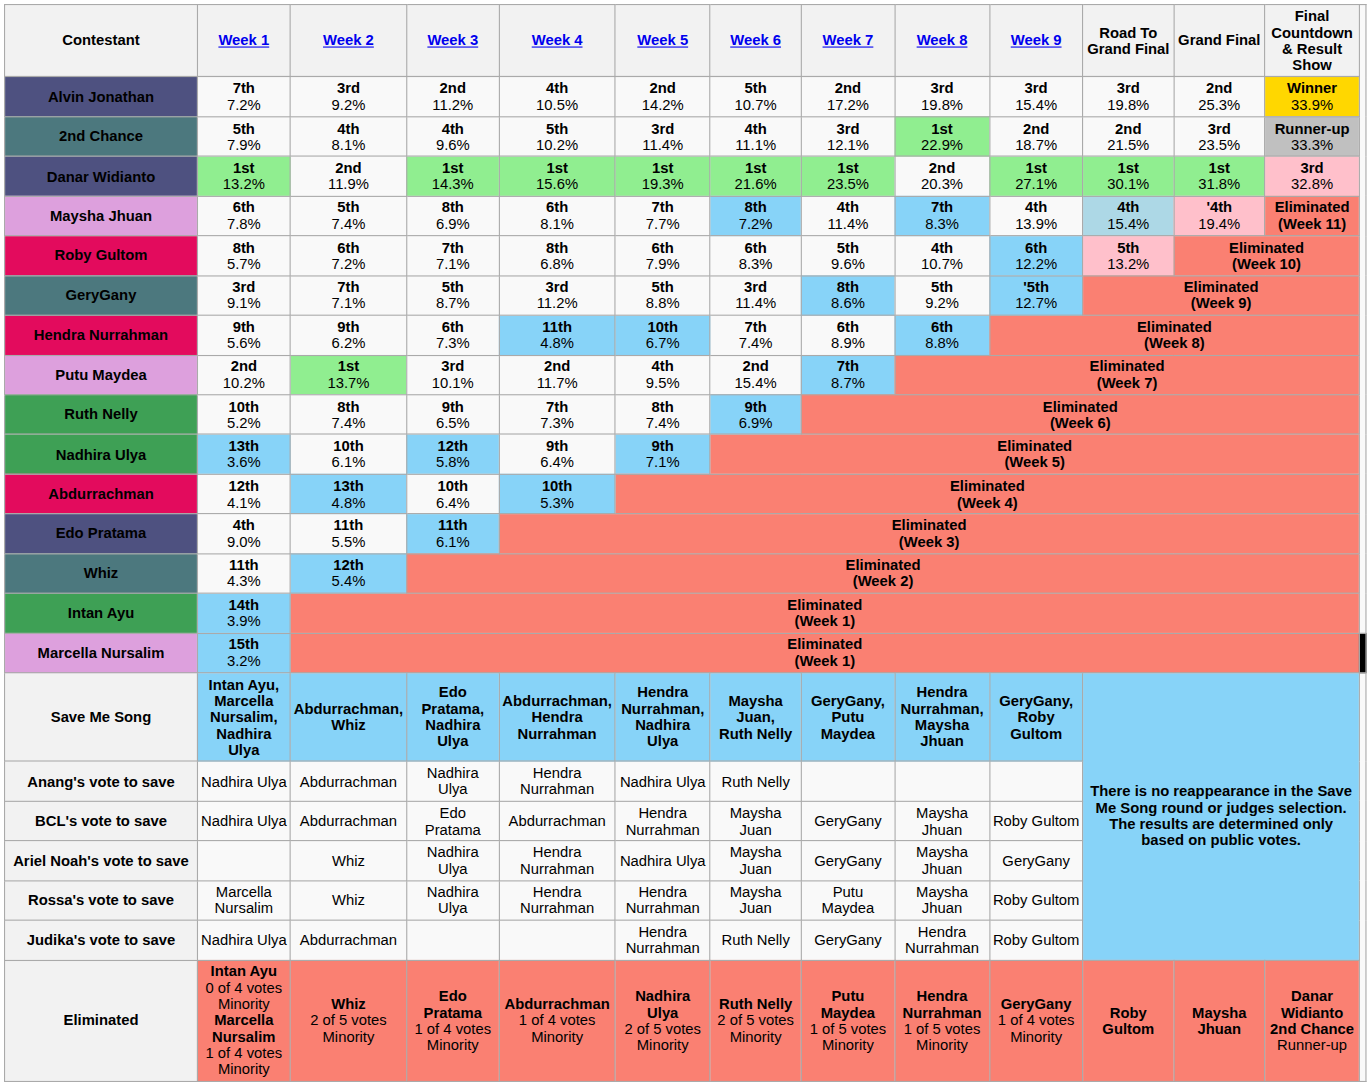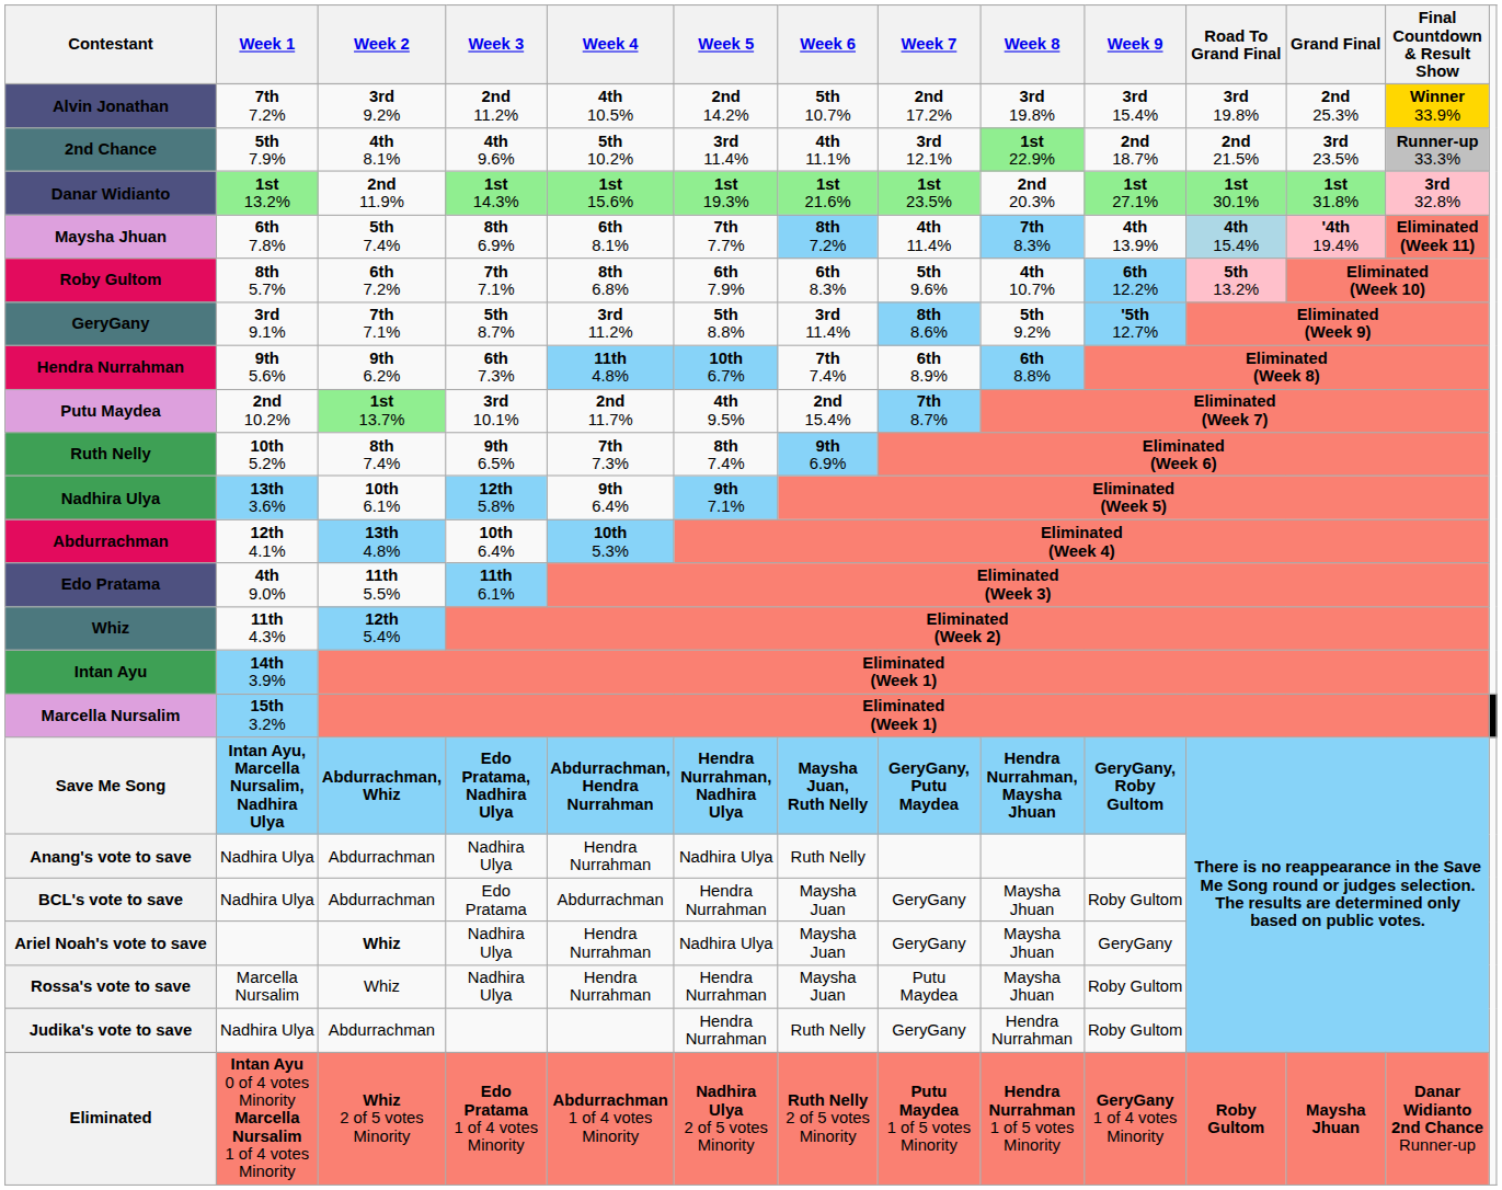 <table class="wikitable" style="text-align:center; font-size:85%">
 <tr>
 <th style="width:15%" rowspan=1 scope="col">Contestant</th>
 <th style="width:7%" rowspan=1 scope="col"><a href='#'>Week 1</a></th>
 <th style="width:7%" rowspan=1 scope="col"><a href='#'>Week 2</a></th>
 <th style="width:7%" rowspan=1 scope="col"><a href='#'>Week 3</a></th>
 <th style="width:7%" rowspan=1 scope="col"><a href='#'>Week 4</a></th>
 <th style="width:7%" rowspan=1 scope="col"><a href='#'>Week 5</a></th>
 <th style="width:7%" rowspan=1 scope="col"><a href='#'>Week 6</a></th>
 <th style="width:7%" rowspan=1 scope="col"><a href='#'>Week 7</a></th>
 <th style="width:7%" rowspan=1 scope="col"><a href='#'>Week 8</a></th>
 <th style="width:7%" rowspan=1 scope="col"><a href='#'>Week 9</a></th>
 <th style="width:7%" rowspan=1 scope="col">Road To Grand Final</th>
 <th style="width:7%" rowspan=1 scope="col">Grand Final</th>
 <th style="width:7%" rowspan=1 scope="col"><strong>Final Countdown & Result Show</strong></th>
 </tr>
 <tr>
 </tr>
 <tr>
 <th style="background:#4e5180">Alvin Jonathan</th>
 <td><strong>7th</strong> <br> 7.2%</td>
 <td><strong>3rd</strong> <br> 9.2%</td>
 <td><strong>2nd</strong> <br> 11.2%</td>
 <td><strong>4th</strong> <br> 10.5%</td>
 <td><strong>2nd</strong> <br> 14.2%</td>
 <td><strong>5th</strong> <br> 10.7%</td>
 <td><strong>2nd</strong> <br> 17.2%</td>
 <td><strong>3rd</strong> <br> 19.8%</td>
 <td><strong>3rd</strong> <br> 15.4%</td>
 <td><strong>3rd</strong> <br> 19.8%</td>
 <td><strong>2nd</strong> <br> 25.3%</td>
 <td style="background:gold;"><strong>Winner</strong> <br> 33.9%</td>
 </tr>
 <tr>
 <th style="background:#4c787e">2nd Chance</th>
 <td><strong>5th</strong> <br> 7.9%</td>
 <td><strong>4th</strong> <br> 8.1%</td>
 <td><strong>4th</strong> <br> 9.6%</td>
 <td><strong>5th</strong> <br> 10.2%</td>
 <td><strong>3rd</strong> <br> 11.4%</td>
 <td><strong>4th</strong> <br> 11.1%</td>
 <td><strong>3rd</strong> <br> 12.1%</td>
 <td style="background:lightgreen;"><strong>1st</strong> <br> 22.9%</td>
 <td><strong>2nd</strong> <br> 18.7%</td>
 <td><strong>2nd</strong> <br> 21.5%</td>
 <td><strong>3rd</strong> <br> 23.5%</td>
 <td style="background:silver;"><strong>Runner-up</strong> <br> 33.3%</td>
 </tr>
 <tr>
 <th style="background:#4e5180">Danar Widianto </th>
 <td style="background:lightgreen;"><strong>1st</strong> <br> 13.2%</td>
 <td><strong>2nd</strong> <br> 11.9%</td>
 <td style="background:lightgreen;"><strong>1st</strong> <br> 14.3%</td>
 <td style="background:lightgreen;"><strong>1st</strong> <br> 15.6%</td>
 <td style="background:lightgreen;"><strong>1st</strong> <br> 19.3%</td>
 <td style="background:lightgreen;"><strong>1st</strong> <br> 21.6%</td>
 <td style="background:lightgreen;"><strong>1st</strong> <br> 23.5%</td>
 <td><strong>2nd</strong> <br> 20.3%</td>
 <td style="background:lightgreen;"><strong>1st</strong> <br> 27.1%</td>
 <td style="background:lightgreen;"><strong>1st</strong> <br> 30.1%</td>
 <td style="background:lightgreen;"><strong>1st</strong> <br> 31.8%</td>
 <td style="background:pink"><strong>3rd</strong> <br> 32.8%</td>
 </tr>
 <tr>
 <th style="background:#dda0dd">Maysha Jhuan</th>
 <td><strong>6th</strong> <br> 7.8%</td>
 <td><strong>5th</strong> <br> 7.4%</td>
 <td><strong>8th</strong> <br> 6.9%</td>
 <td><strong>6th</strong> <br> 8.1%</td>
 <td><strong>7th</strong> <br> 7.7%</td>
 <td style="background:#87D3F8;"><strong>8th</strong> <br> 7.2%</td>
 <td><strong>4th</strong> <br> 11.4%</td>
 <td style="background:#87D3F8;"><strong>7th</strong> <br> 8.3%</td>
 <td><strong>4th</strong> <br> 13.9%</td>
 <td style="background:lightblue;"><strong>4th</strong> <br> 15.4%</td>
 <td style="background:pink;"><strong>'4th</strong> <br> 19.4%</td>
 <td colspan="1" style="background:#FA8072"><strong>Eliminated<br>(Week 11)</strong></td>
 </tr>
 <tr>
 <th style="background:#e30b5d">Roby Gultom</th>
 <td><strong>8th</strong> <br> 5.7%</td>
 <td><strong>6th</strong> <br> 7.2%</td>
 <td><strong>7th</strong> <br> 7.1%</td>
 <td><strong>8th</strong> <br> 6.8%</td>
 <td><strong>6th</strong> <br> 7.9%</td>
 <td><strong>6th</strong> <br> 8.3%</td>
 <td><strong>5th</strong> <br> 9.6%</td>
 <td><strong>4th</strong> <br> 10.7%</td>
 <td style="background:#87D3F8;"><strong>6th</strong> <br> 12.2%</td>
 <td style="background:pink;"><strong>5th</strong> <br> 13.2%</td>
 <td colspan="2" style="background:#FA8072"><strong>Eliminated<br>(Week 10)</strong></td>
 </tr>
 <tr>
 <th style="background:#4c787e">GeryGany</th>
 <td><strong>3rd</strong> <br> 9.1%</td>
 <td><strong>7th</strong> <br> 7.1%</td>
 <td><strong>5th</strong> <br> 8.7%</td>
 <td><strong>3rd</strong> <br> 11.2%</td>
 <td><strong>5th</strong> <br> 8.8%</td>
 <td><strong>3rd</strong> <br> 11.4%</td>
 <td style="background:#87D3F8;"><strong>8th</strong> <br> 8.6%</td>
 <td><strong>5th</strong> <br> 9.2%</td>
 <td style="background:#87D3F8;"><strong>'5th</strong> <br> 12.7%</td>
 <td colspan="3" style="background:#FA8072"><strong>Eliminated<br>(Week 9)</strong></td>
 </tr>
 <tr>
 <th style="background:#e30b5d">Hendra Nurrahman</th>
 <td><strong>9th</strong> <br> 5.6%</td>
 <td><strong>9th</strong> <br> 6.2%</td>
 <td><strong>6th</strong> <br> 7.3%</td>
 <td style="background:#87D3F8;"><strong>11th</strong> <br> 4.8%</td>
 <td style="background:#87D3F8;"><strong>10th</strong> <br> 6.7%</td>
 <td><strong>7th</strong> <br> 7.4%</td>
 <td><strong>6th</strong> <br> 8.9%</td>
 <td style="background:#87D3F8;"><strong>6th</strong> <br> 8.8%</td>
 <td colspan="4" style="background:#FA8072"><strong>Eliminated<br>(Week 8)</strong></td>
 </tr>
 <tr>
 <th style="background:#dda0dd">Putu Maydea</th>
 <td><strong>2nd</strong> <br> 10.2%</td>
 <td style="background:lightgreen;"><strong>1st</strong> <br> 13.7%</td>
 <td><strong>3rd</strong> <br> 10.1%</td>
 <td><strong>2nd</strong> <br> 11.7%</td>
 <td><strong>4th</strong> <br> 9.5%</td>
 <td><strong>2nd</strong> <br> 15.4%</td>
 <td style="background:#87D3F8;"><strong>7th</strong> <br> 8.7%</td>
 <td colspan="5" style="background:#FA8072"><strong>Eliminated<br>(Week 7)</strong></td>
 </tr>
 <tr>
 <th style="background:#3ea055">Ruth Nelly</th>
 <td><strong>10th</strong> <br> 5.2%</td>
 <td><strong>8th</strong> <br> 7.4%</td>
 <td><strong>9th</strong> <br> 6.5%</td>
 <td><strong>7th</strong> <br> 7.3%</td>
 <td><strong>8th</strong> <br> 7.4%</td>
 <td style="background:#87D3F8;"><strong>9th</strong> <br> 6.9%</td>
 <td colspan="6" style="background:#FA8072"><strong>Eliminated<br>(Week 6)</strong></td>
 </tr>
 <tr>
 <th style="background:#3ea055">Nadhira Ulya</th>
 <td style="background:#87D3F8;"><strong>13th</strong> <br> 3.6%</td>
 <td><strong>10th</strong> <br> 6.1%</td>
 <td style="background:#87D3F8;"><strong>12th</strong> <br> 5.8%</td>
 <td><strong>9th</strong> <br> 6.4%</td>
 <td style="background:#87D3F8;"><strong>9th</strong> <br> 7.1%</td>
 <td colspan="7" style="background:#FA8072"><strong>Eliminated<br>(Week 5)</strong></td>
 </tr>
 <tr>
 <th style="background:#e30b5d">Abdurrachman</th>
 <td><strong>12th</strong> <br> 4.1%</td>
 <td style="background:#87D3F8;"><strong>13th</strong> <br> 4.8%</td>
 <td><strong>10th</strong> <br> 6.4%</td>
 <td style="background:#87D3F8;"><strong>10th</strong> <br> 5.3%</td>
 <td colspan="8" style="background:#FA8072"><strong>Eliminated<br>(Week 4)</strong></td>
 </tr>
 <tr>
 <th style="background:#4e5180">Edo Pratama</th>
 <td><strong>4th</strong> <br> 9.0%</td>
 <td><strong>11th</strong> <br> 5.5%</td>
 <td style="background:#87D3F8;"><strong>11th</strong> <br> 6.1%</td>
 <td colspan="9" style="background:#FA8072"><strong>Eliminated<br>(Week 3)</strong></td>
 </tr>
 <tr>
 <th style="background:#4c787e">Whiz</th>
 <td><strong>11th</strong> <br> 4.3%</td>
 <td style="background:#87D3F8;"><strong>12th</strong> <br> 5.4%</td>
 <td colspan="10" style="background:#FA8072"><strong>Eliminated<br>(Week 2)</strong></td>
 </tr>
 <tr>
 <th style="background:#3ea055">Intan Ayu</th>
 <td style="background:#87D3F8;"><strong>14th</strong> <br> 3.9%</td>
 <td colspan="11" style="background:#FA8072"><strong>Eliminated<br>(Week 1)</strong></td>
 </tr>
 <tr>
 <th style="background:#dda0dd">Marcella Nursalim</th>
 <td style="background:#87D3F8;"><strong>15th</strong> <br> 3.2%</td>
 <td colspan="11" style="background:#FA8072"><strong>Eliminated<br>(Week 1)</strong></td>
 <th colspan="13" style="background:#000000"></th>
 </tr>
 <tr>
 <th scope="row">Save Me Song</th>
 <td style="background:#87D3F8"><strong>Intan Ayu,<br>Marcella Nursalim,<br>Nadhira Ulya</strong></td>
 <td style="background:#87D3F8"><strong>Abdurrachman,<br>Whiz</strong></td>
 <td style="background:#87D3F8"><strong>Edo Pratama,<br>Nadhira Ulya</strong></td>
 <td style="background:#87D3F8"><strong>Abdurrachman,<br>Hendra Nurrahman</strong></td>
 <td style="background:#87D3F8"><strong>Hendra Nurrahman,<br>Nadhira Ulya</strong></td>
 <td style="background:#87D3F8"><strong>Maysha Juan,<br>Ruth Nelly</strong></td>
 <td style="background:#87D3F8"><strong>GeryGany,<br>Putu Maydea</strong></td>
 <td style="background:#87D3F8"><strong>Hendra Nurrahman,<br>Maysha Jhuan</strong></td>
 <td style="background:#87D3F8"><strong>GeryGany,<br>Roby Gultom</strong></td>
 <th colspan="3" rowspan="6" style="background:#87D3F8">There is no reappearance in the Save Me Song round or judges selection. The results are determined only based on public votes.</th>
 </tr>
 <tr>
 <th scope="row">Anang's vote to save</th>
 <td>Nadhira Ulya</td>
 <td>Abdurrachman</td>
 <td>Nadhira Ulya</td>
 <td>Hendra Nurrahman</td>
 <td>Nadhira Ulya</td>
 <td>Ruth Nelly</td>
 <td></td>
 <td></td>
 <td></td>
 </tr>
 <tr>
 <th scope="row">BCL's vote to save</th>
 <td>Nadhira Ulya</td>
 <td>Abdurrachman</td>
 <td>Edo Pratama</td>
 <td>Abdurrachman</td>
 <td>Hendra Nurrahman</td>
 <td>Maysha Juan</td>
 <td>GeryGany</td>
 <td>Maysha Jhuan</td>
 <td>Roby Gultom</td>
 </tr>
 <tr>
 <th scope="row">Ariel Noah's vote to save</th>
 <td></td>
-<td>Whiz</td>
+<td><strong>Whiz</strong></td>
 <td>Nadhira Ulya</td>
 <td>Hendra Nurrahman</td>
 <td>Nadhira Ulya</td>
 <td>Maysha Juan</td>
 <td>GeryGany</td>
 <td>Maysha Jhuan</td>
 <td>GeryGany</td>
 </tr>
 <tr>
 <th scope="row">Rossa's vote to save</th>
 <td>Marcella Nursalim</td>
 <td>Whiz</td>
 <td>Nadhira Ulya</td>
 <td>Hendra Nurrahman</td>
 <td>Hendra Nurrahman</td>
 <td>Maysha Juan</td>
 <td>Putu Maydea</td>
 <td>Maysha Jhuan</td>
 <td>Roby Gultom</td>
 </tr>
 <tr>
 <th scope="row">Judika's vote to save</th>
 <td>Nadhira Ulya</td>
 <td>Abdurrachman</td>
 <td></td>
 <td></td>
 <td>Hendra Nurrahman</td>
 <td>Ruth Nelly</td>
 <td>GeryGany</td>
 <td>Hendra Nurrahman</td>
 <td>Roby Gultom</td>
 </tr>
 <tr>
 <th scope="row" rowspan="6">Eliminated</th>
 <td style="background:#FA8072" rowspan="6"><strong>Intan Ayu</strong><br>0 of 4 votes<br>Minority<br><strong>Marcella Nursalim</strong><br>1 of 4 votes<br>Minority</td>
 <td style="background:#FA8072" rowspan="6"><strong>Whiz</strong><br>2 of 5 votes<br>Minority</td>
 <td style="background:#FA8072" rowspan="6"><strong>Edo Pratama</strong><br>1 of 4 votes<br>Minority</td>
 <td style="background:#FA8072" rowspan="6"><strong>Abdurrachman</strong><br>1 of 4 votes<br>Minority</td>
 <td style="background:#FA8072" rowspan="6"><strong>Nadhira Ulya</strong><br>2 of 5 votes<br>Minority</td>
 <td style="background:#FA8072" rowspan="6"><strong>Ruth Nelly</strong><br>2 of 5 votes Minority</td>
 <td style="background:#FA8072" rowspan="6"><strong>Putu Maydea</strong><br>1 of 5 votes Minority</td>
 <td style="background:#FA8072" rowspan="6"><strong>Hendra Nurrahman</strong><br>1 of 5 votes Minority</td>
 <td style="background:#FA8072" rowspan="6"><strong>GeryGany</strong><br>1 of 4 votes Minority</td>
 <td style="background:#FA8072" rowspan="6"><strong>Roby Gultom</strong></td>
 <td style="background:#FA8072" rowspan="6"><strong>Maysha Jhuan</strong></td>
 <td style="background:#FA8072" rowspan="6"><strong>Danar Widianto</strong><br><strong>2nd Chance</strong><br>Runner-up</td>
 </tr>
 <tr>
 </tr>
 </table>
